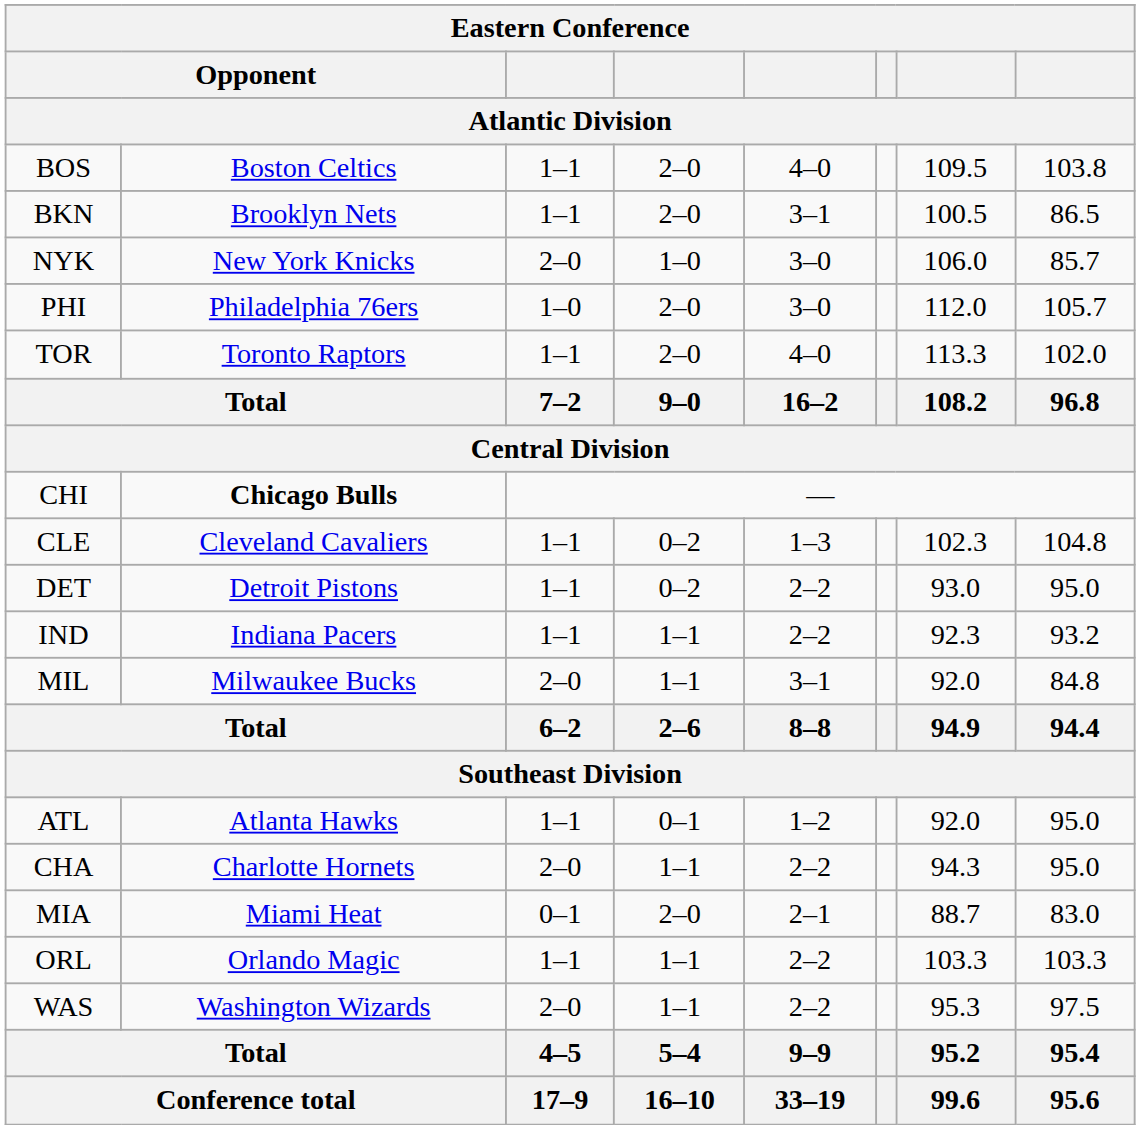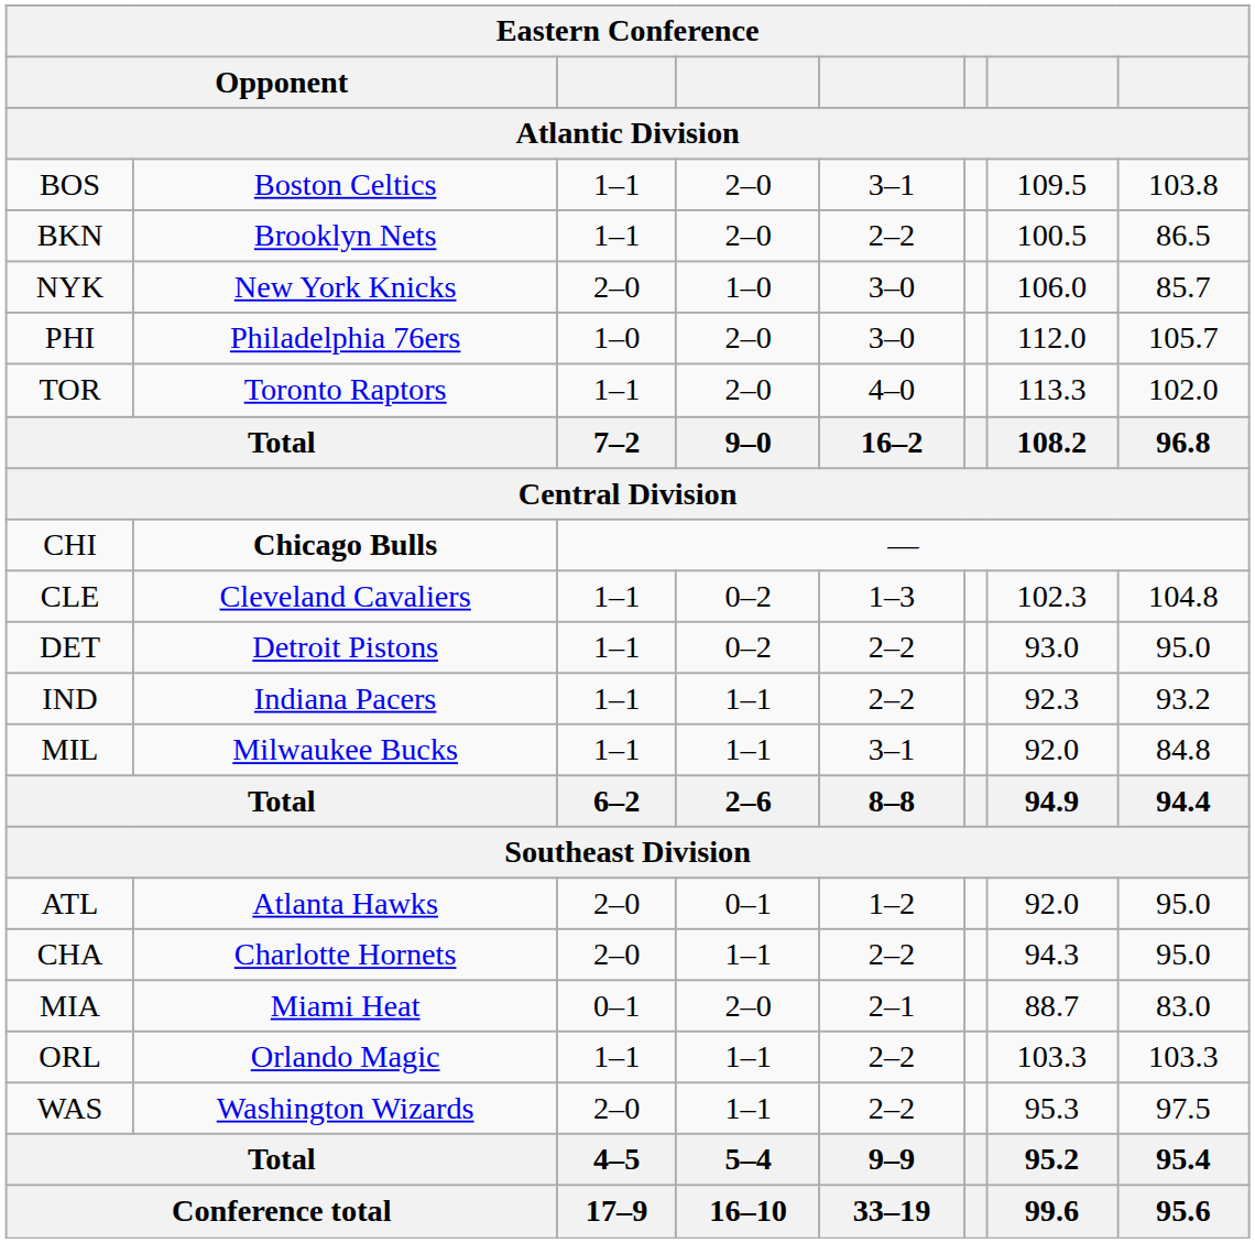 <table class="wikitable" style="margin:1em auto; font-size:95%; text-align:center; width:40em;">
 <tr>
 <th colspan="8">Eastern Conference</th>
 </tr>
 <tr>
 <th colspan="2">Opponent</th>
 <th></th>
 <th></th>
 <th></th>
 <th></th>
 <th></th>
 <th></th>
 </tr>
 <tr>
 <th colspan="8">Atlantic Division</th>
 </tr>
 <tr>
 <td>BOS</td>
 <td><a href='#'>Boston Celtics</a></td>
 <td>1–1</td>
 <td>2–0</td>
-<td>4–0</td>
+<td>3–1</td>
 <td></td>
 <td>109.5</td>
 <td>103.8</td>
 </tr>
 <tr>
 <td>BKN</td>
 <td><a href='#'>Brooklyn Nets</a></td>
 <td>1–1</td>
 <td>2–0</td>
-<td>3–1</td>
+<td>2–2</td>
 <td></td>
 <td>100.5</td>
 <td>86.5</td>
 </tr>
 <tr>
 <td>NYK</td>
 <td><a href='#'>New York Knicks</a></td>
 <td>2–0</td>
 <td>1–0</td>
 <td>3–0</td>
 <td></td>
 <td>106.0</td>
 <td>85.7</td>
 </tr>
 <tr>
 <td>PHI</td>
 <td><a href='#'>Philadelphia 76ers</a></td>
 <td>1–0</td>
 <td>2–0</td>
 <td>3–0</td>
 <td></td>
 <td>112.0</td>
 <td>105.7</td>
 </tr>
 <tr>
 <td>TOR</td>
 <td><a href='#'>Toronto Raptors</a></td>
 <td>1–1</td>
 <td>2–0</td>
 <td>4–0</td>
 <td></td>
 <td>113.3</td>
 <td>102.0</td>
 </tr>
 <tr>
 <th colspan="2">Total</th>
 <th>7–2</th>
 <th>9–0</th>
 <th>16–2</th>
 <th></th>
 <th>108.2</th>
 <th>96.8</th>
 </tr>
 <tr>
 <th colspan="8">Central Division</th>
 </tr>
 <tr>
 <td>CHI</td>
 <td><strong>Chicago Bulls</strong></td>
 <td colspan="6">—</td>
 </tr>
 <tr>
 <td>CLE</td>
 <td><a href='#'>Cleveland Cavaliers</a></td>
 <td>1–1</td>
 <td>0–2</td>
 <td>1–3</td>
 <td></td>
 <td>102.3</td>
 <td>104.8</td>
 </tr>
 <tr>
 <td>DET</td>
 <td><a href='#'>Detroit Pistons</a></td>
 <td>1–1</td>
 <td>0–2</td>
 <td>2–2</td>
 <td></td>
 <td>93.0</td>
 <td>95.0</td>
 </tr>
 <tr>
 <td>IND</td>
 <td><a href='#'>Indiana Pacers</a></td>
 <td>1–1</td>
 <td>1–1</td>
 <td>2–2</td>
 <td></td>
 <td>92.3</td>
 <td>93.2</td>
 </tr>
 <tr>
 <td>MIL</td>
 <td><a href='#'>Milwaukee Bucks</a></td>
-<td>2–0</td>
+<td>1–1</td>
 <td>1–1</td>
 <td>3–1</td>
 <td></td>
 <td>92.0</td>
 <td>84.8</td>
 </tr>
 <tr>
 <th colspan="2">Total</th>
 <th>6–2</th>
 <th>2–6</th>
 <th>8–8</th>
 <th></th>
 <th>94.9</th>
 <th>94.4</th>
 </tr>
 <tr>
 <th colspan="8">Southeast Division</th>
 </tr>
 <tr>
 <td>ATL</td>
 <td><a href='#'>Atlanta Hawks</a></td>
-<td>1–1</td>
+<td>2–0</td>
 <td>0–1</td>
 <td>1–2</td>
 <td></td>
 <td>92.0</td>
 <td>95.0</td>
 </tr>
 <tr>
 <td>CHA</td>
 <td><a href='#'>Charlotte Hornets</a></td>
 <td>2–0</td>
 <td>1–1</td>
 <td>2–2</td>
 <td></td>
 <td>94.3</td>
 <td>95.0</td>
 </tr>
 <tr>
 <td>MIA</td>
 <td><a href='#'>Miami Heat</a></td>
 <td>0–1</td>
 <td>2–0</td>
 <td>2–1</td>
 <td></td>
 <td>88.7</td>
 <td>83.0</td>
 </tr>
 <tr>
 <td>ORL</td>
 <td><a href='#'>Orlando Magic</a></td>
 <td>1–1</td>
 <td>1–1</td>
 <td>2–2</td>
 <td></td>
 <td>103.3</td>
 <td>103.3</td>
 </tr>
 <tr>
 <td>WAS</td>
 <td><a href='#'>Washington Wizards</a></td>
 <td>2–0</td>
 <td>1–1</td>
 <td>2–2</td>
 <td></td>
 <td>95.3</td>
 <td>97.5</td>
 </tr>
 <tr>
 <th colspan="2">Total</th>
 <th>4–5</th>
 <th>5–4</th>
 <th>9–9</th>
 <th></th>
 <th>95.2</th>
 <th>95.4</th>
 </tr>
 <tr>
 <th colspan="2">Conference total</th>
 <th>17–9</th>
 <th>16–10</th>
 <th>33–19</th>
 <th></th>
 <th>99.6</th>
 <th>95.6</th>
 </tr>
 </table>
